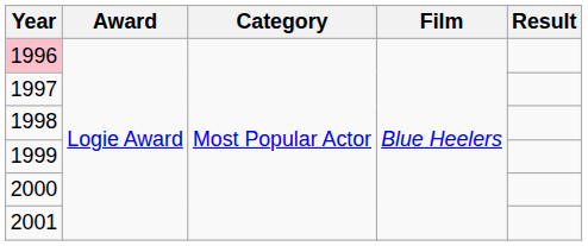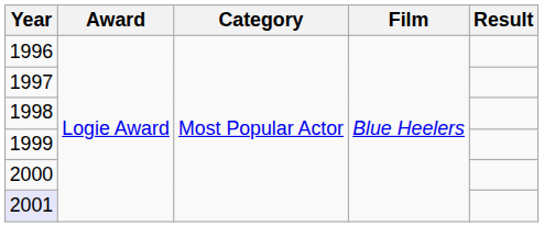 <table class="wikitable sortable">
 <tr>
 <th>Year</th>
 <th>Award</th>
 <th>Category</th>
 <th>Film</th>
 <th>Result</th>
 </tr>
 <tr>
-<td style="background: pink;">1996</td>
+<td>1996</td>
 <td rowspan=6><a href='#'>Logie Award</a></td>
 <td rowspan=6><a href='#'>Most Popular Actor</a></td>
 <td rowspan=6><em><a href='#'>Blue Heelers</a></em></td>
 <td></td>
 </tr>
 <tr>
 <td>1997</td>
 <td></td>
 </tr>
 <tr>
 <td>1998</td>
 <td></td>
 </tr>
 <tr>
 <td>1999</td>
 <td></td>
 </tr>
 <tr>
 <td>2000</td>
 <td></td>
 </tr>
 <tr>
-<td>2001</td>
+<td style="background: lavender;">2001</td>
 <td></td>
 </tr>
 </table>
